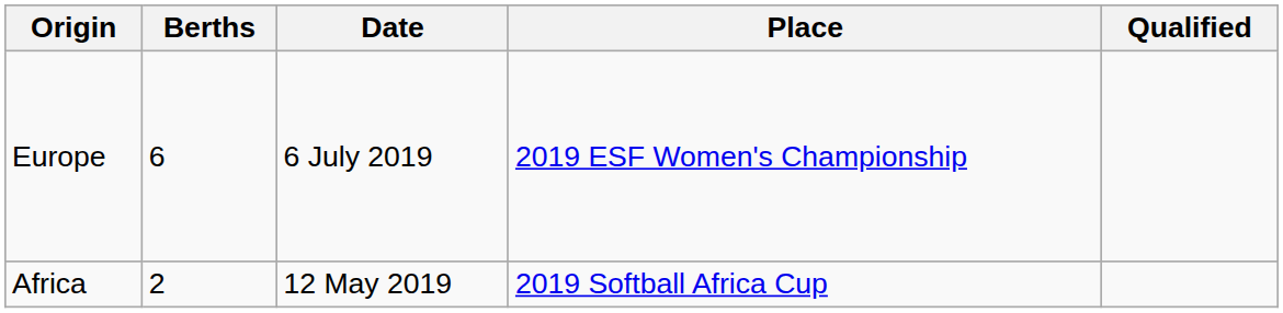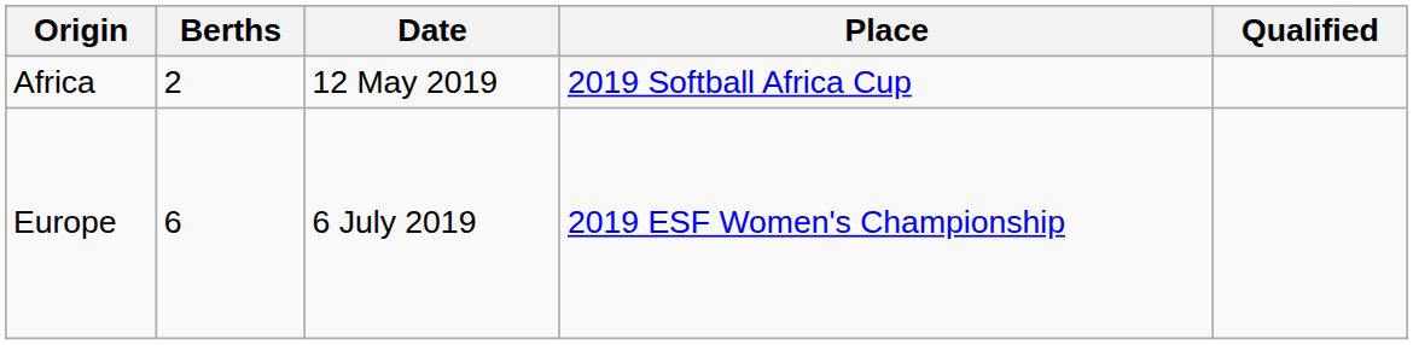 <table class="wikitable" style="width:700px;">
 <tr>
 <th>Origin</th>
 <th>Berths</th>
 <th>Date</th>
 <th>Place</th>
 <th>Qualified</th>
 </tr>
 <tr>
+<td>Africa</td>
+<td>2</td>
+<td>12 May 2019</td>
+<td><a href='#'>2019 Softball Africa Cup</a></td>
+<td> <br> </td>
+</tr>
+<tr>
 <td>Europe</td>
 <td>6</td>
 <td>6 July 2019</td>
 <td><a href='#'>2019 ESF Women's Championship</a></td>
 <td><br> <br> <br> <br> <br> <br> </td>
 </tr>
-<tr>
-<td>Africa</td>
-<td>2</td>
-<td>12 May 2019</td>
-<td><a href='#'>2019 Softball Africa Cup</a></td>
-<td> <br> </td>
-</tr>
 </table>
